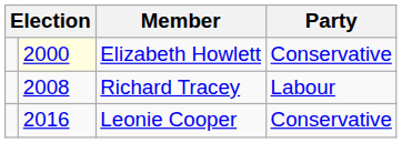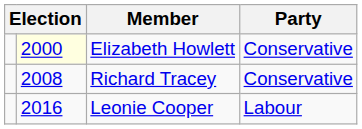 <table class="wikitable">
 <tr>
 <th colspan="2">Election</th>
 <th>Member</th>
 <th>Party</th>
 </tr>
 <tr>
 <td style="background-color: "></td>
 <td style="background: lightyellow;"><a href='#'>2000</a></td>
 <td><a href='#'>Elizabeth Howlett</a></td>
 <td><a href='#'>Conservative</a></td>
 </tr>
 <tr>
 <td style="background-color: "></td>
 <td><a href='#'>2008</a></td>
 <td><a href='#'>Richard Tracey</a></td>
-<td><a href='#'>Labour</a></td>
+<td><a href='#'>Conservative</a></td>
 </tr>
 <tr>
 <td style="background-color: "></td>
 <td><a href='#'>2016</a></td>
 <td><a href='#'>Leonie Cooper</a></td>
-<td><a href='#'>Conservative</a></td>
+<td><a href='#'>Labour</a></td>
 </tr>
 </table>
